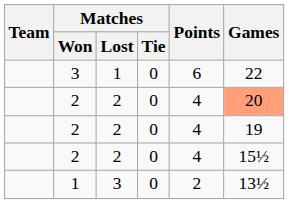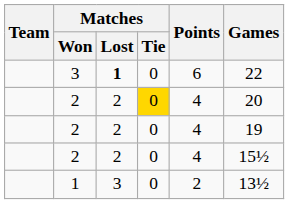 <table class="wikitable" style="text-align:center">
 <tr>
 <th rowspan=2>Team</th>
 <th colspan=3>Matches</th>
 <th rowspan=2>Points</th>
 <th rowspan=2>Games</th>
 </tr>
 <tr>
 <th>Won</th>
 <th>Lost</th>
 <th>Tie</th>
 </tr>
 <tr>
 <td align=left></td>
 <td>3</td>
-<td>1</td>
+<td><strong>1</strong></td>
 <td>0</td>
 <td>6</td>
 <td>22</td>
 </tr>
 <tr>
 <td align=left></td>
 <td>2</td>
 <td>2</td>
-<td>0</td>
+<td style="background: gold;">0</td>
 <td>4</td>
-<td style="background: lightsalmon;">20</td>
+<td>20</td>
 </tr>
 <tr>
 <td align=left></td>
 <td>2</td>
 <td>2</td>
 <td>0</td>
 <td>4</td>
 <td>19</td>
 </tr>
 <tr>
 <td align=left></td>
 <td>2</td>
 <td>2</td>
 <td>0</td>
 <td>4</td>
 <td>15½</td>
 </tr>
 <tr>
 <td align=left></td>
 <td>1</td>
 <td>3</td>
 <td>0</td>
 <td>2</td>
 <td>13½</td>
 </tr>
 </table>
